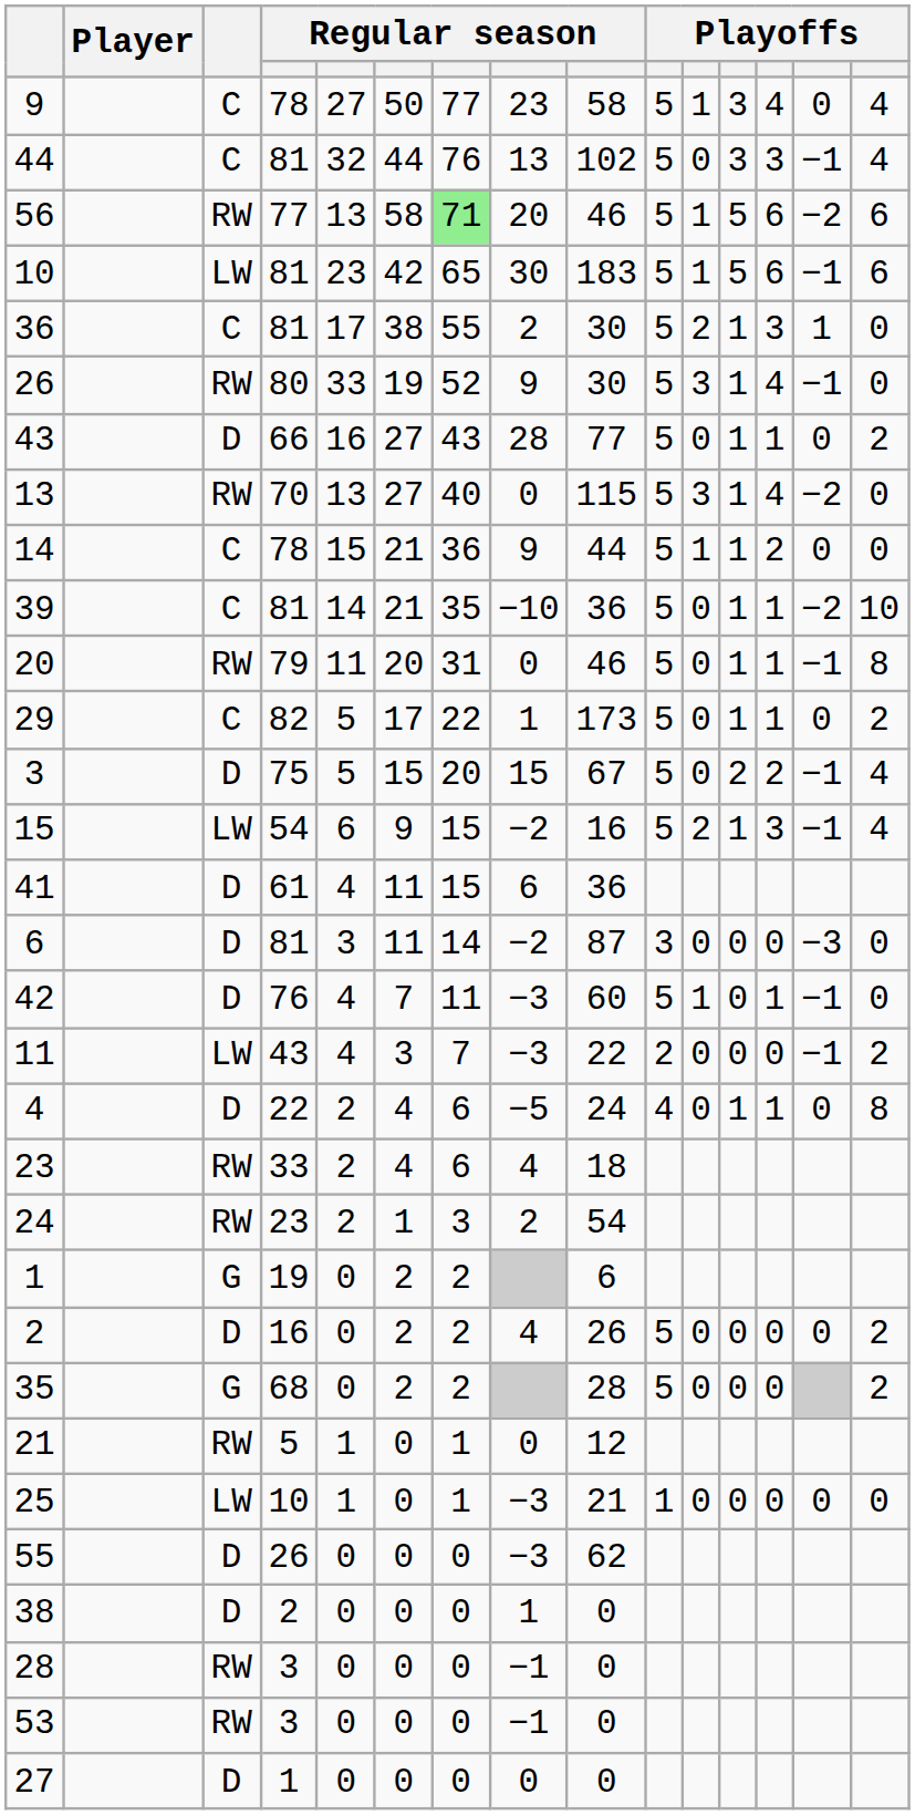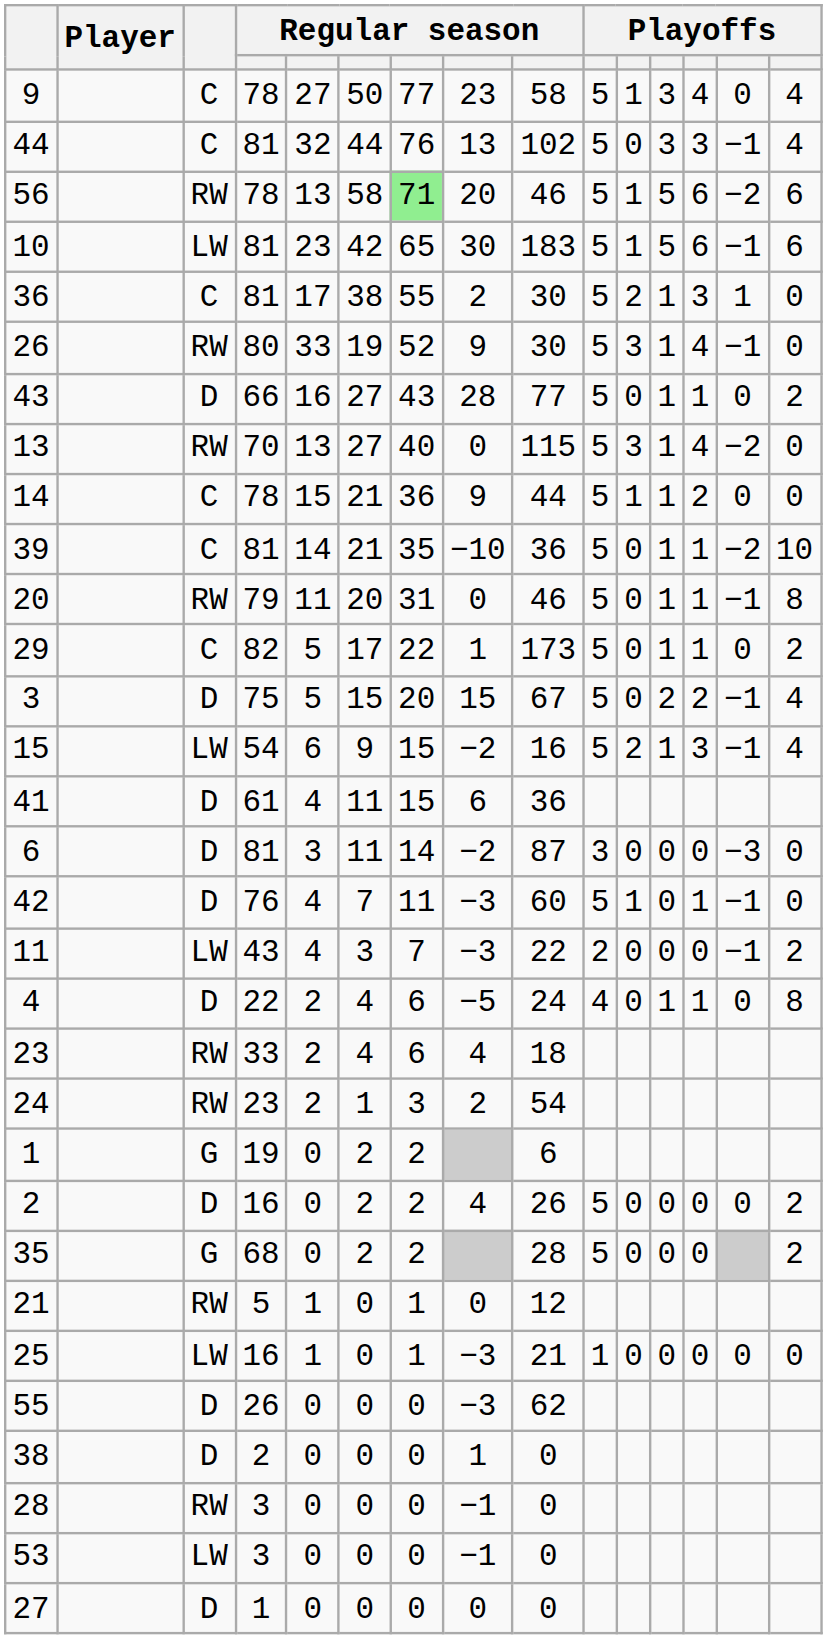 <table class="wikitable sortable plainrowheaders" style="text-align:center;">
 <tr>
 <th scope="col" data-sort-type="number" rowspan="2"></th>
 <th scope="col" rowspan="2">Player</th>
 <th scope="col" rowspan="2"></th>
 <th scope=colgroup colspan=6>Regular season</th>
 <th scope=colgroup colspan=6>Playoffs</th>
 </tr>
 <tr>
 <th scope="col" data-sort-type="number"></th>
 <th scope="col" data-sort-type="number"></th>
 <th scope="col" data-sort-type="number"></th>
 <th scope="col" data-sort-type="number"></th>
 <th scope="col" data-sort-type="number"></th>
 <th scope="col" data-sort-type="number"></th>
 <th scope="col" data-sort-type="number"></th>
 <th scope="col" data-sort-type="number"></th>
 <th scope="col" data-sort-type="number"></th>
 <th scope="col" data-sort-type="number"></th>
 <th scope="col" data-sort-type="number"></th>
 <th scope="col" data-sort-type="number"></th>
 </tr>
 <tr>
 <td scope="row">9</td>
 <td align="left"></td>
 <td>C</td>
 <td>78</td>
 <td>27</td>
 <td>50</td>
 <td>77</td>
 <td>23</td>
 <td>58</td>
 <td>5</td>
 <td>1</td>
 <td>3</td>
 <td>4</td>
 <td>0</td>
 <td>4</td>
 </tr>
 <tr>
 <td scope="row">44</td>
 <td align="left"></td>
 <td>C</td>
 <td>81</td>
 <td>32</td>
 <td>44</td>
 <td>76</td>
 <td>13</td>
 <td>102</td>
 <td>5</td>
 <td>0</td>
 <td>3</td>
 <td>3</td>
 <td>−1</td>
 <td>4</td>
 </tr>
 <tr>
 <td scope="row">56</td>
 <td align="left"></td>
 <td>RW</td>
-<td>77</td>
+<td>78</td>
 <td>13</td>
 <td>58</td>
 <td style="background: lightgreen;">71</td>
 <td>20</td>
 <td>46</td>
 <td>5</td>
 <td>1</td>
 <td>5</td>
 <td>6</td>
 <td>−2</td>
 <td>6</td>
 </tr>
 <tr>
 <td scope="row">10</td>
 <td align="left"></td>
 <td>LW</td>
 <td>81</td>
 <td>23</td>
 <td>42</td>
 <td>65</td>
 <td>30</td>
 <td>183</td>
 <td>5</td>
 <td>1</td>
 <td>5</td>
 <td>6</td>
 <td>−1</td>
 <td>6</td>
 </tr>
 <tr>
 <td scope="row">36</td>
 <td align="left"></td>
 <td>C</td>
 <td>81</td>
 <td>17</td>
 <td>38</td>
 <td>55</td>
 <td>2</td>
 <td>30</td>
 <td>5</td>
 <td>2</td>
 <td>1</td>
 <td>3</td>
 <td>1</td>
 <td>0</td>
 </tr>
 <tr>
 <td scope="row">26</td>
 <td align="left"></td>
 <td>RW</td>
 <td>80</td>
 <td>33</td>
 <td>19</td>
 <td>52</td>
 <td>9</td>
 <td>30</td>
 <td>5</td>
 <td>3</td>
 <td>1</td>
 <td>4</td>
 <td>−1</td>
 <td>0</td>
 </tr>
 <tr>
 <td scope="row">43</td>
 <td align="left"></td>
 <td>D</td>
 <td>66</td>
 <td>16</td>
 <td>27</td>
 <td>43</td>
 <td>28</td>
 <td>77</td>
 <td>5</td>
 <td>0</td>
 <td>1</td>
 <td>1</td>
 <td>0</td>
 <td>2</td>
 </tr>
 <tr>
 <td scope="row">13</td>
 <td align="left"></td>
 <td>RW</td>
 <td>70</td>
 <td>13</td>
 <td>27</td>
 <td>40</td>
 <td>0</td>
 <td>115</td>
 <td>5</td>
 <td>3</td>
 <td>1</td>
 <td>4</td>
 <td>−2</td>
 <td>0</td>
 </tr>
 <tr>
 <td scope="row">14</td>
 <td align="left"></td>
 <td>C</td>
 <td>78</td>
 <td>15</td>
 <td>21</td>
 <td>36</td>
 <td>9</td>
 <td>44</td>
 <td>5</td>
 <td>1</td>
 <td>1</td>
 <td>2</td>
 <td>0</td>
 <td>0</td>
 </tr>
 <tr>
 <td scope="row">39</td>
 <td align="left"></td>
 <td>C</td>
 <td>81</td>
 <td>14</td>
 <td>21</td>
 <td>35</td>
 <td>−10</td>
 <td>36</td>
 <td>5</td>
 <td>0</td>
 <td>1</td>
 <td>1</td>
 <td>−2</td>
 <td>10</td>
 </tr>
 <tr>
 <td scope="row">20</td>
 <td align="left"></td>
 <td>RW</td>
 <td>79</td>
 <td>11</td>
 <td>20</td>
 <td>31</td>
 <td>0</td>
 <td>46</td>
 <td>5</td>
 <td>0</td>
 <td>1</td>
 <td>1</td>
 <td>−1</td>
 <td>8</td>
 </tr>
 <tr>
 <td scope="row">29</td>
 <td align="left"></td>
 <td>C</td>
 <td>82</td>
 <td>5</td>
 <td>17</td>
 <td>22</td>
 <td>1</td>
 <td>173</td>
 <td>5</td>
 <td>0</td>
 <td>1</td>
 <td>1</td>
 <td>0</td>
 <td>2</td>
 </tr>
 <tr>
 <td scope="row">3</td>
 <td align="left"></td>
 <td>D</td>
 <td>75</td>
 <td>5</td>
 <td>15</td>
 <td>20</td>
 <td>15</td>
 <td>67</td>
 <td>5</td>
 <td>0</td>
 <td>2</td>
 <td>2</td>
 <td>−1</td>
 <td>4</td>
 </tr>
 <tr>
 <td scope="row">15</td>
 <td align="left"></td>
 <td>LW</td>
 <td>54</td>
 <td>6</td>
 <td>9</td>
 <td>15</td>
 <td>−2</td>
 <td>16</td>
 <td>5</td>
 <td>2</td>
 <td>1</td>
 <td>3</td>
 <td>−1</td>
 <td>4</td>
 </tr>
 <tr>
 <td scope="row">41</td>
 <td align="left"></td>
 <td>D</td>
 <td>61</td>
 <td>4</td>
 <td>11</td>
 <td>15</td>
 <td>6</td>
 <td>36</td>
 <td></td>
 <td></td>
 <td></td>
 <td></td>
 <td></td>
 <td></td>
 </tr>
 <tr>
 <td scope="row">6</td>
 <td align="left"></td>
 <td>D</td>
 <td>81</td>
 <td>3</td>
 <td>11</td>
 <td>14</td>
 <td>−2</td>
 <td>87</td>
 <td>3</td>
 <td>0</td>
 <td>0</td>
 <td>0</td>
 <td>−3</td>
 <td>0</td>
 </tr>
 <tr>
 <td scope="row">42</td>
 <td align="left"></td>
 <td>D</td>
 <td>76</td>
 <td>4</td>
 <td>7</td>
 <td>11</td>
 <td>−3</td>
 <td>60</td>
 <td>5</td>
 <td>1</td>
 <td>0</td>
 <td>1</td>
 <td>−1</td>
 <td>0</td>
 </tr>
 <tr>
 <td scope="row">11</td>
 <td align="left"></td>
 <td>LW</td>
 <td>43</td>
 <td>4</td>
 <td>3</td>
 <td>7</td>
 <td>−3</td>
 <td>22</td>
 <td>2</td>
 <td>0</td>
 <td>0</td>
 <td>0</td>
 <td>−1</td>
 <td>2</td>
 </tr>
 <tr>
 <td scope="row">4</td>
 <td align="left"></td>
 <td>D</td>
 <td>22</td>
 <td>2</td>
 <td>4</td>
 <td>6</td>
 <td>−5</td>
 <td>24</td>
 <td>4</td>
 <td>0</td>
 <td>1</td>
 <td>1</td>
 <td>0</td>
 <td>8</td>
 </tr>
 <tr>
 <td scope="row">23</td>
 <td align="left"></td>
 <td>RW</td>
 <td>33</td>
 <td>2</td>
 <td>4</td>
 <td>6</td>
 <td>4</td>
 <td>18</td>
 <td></td>
 <td></td>
 <td></td>
 <td></td>
 <td></td>
 <td></td>
 </tr>
 <tr>
 <td scope="row">24</td>
 <td align="left"></td>
 <td>RW</td>
 <td>23</td>
 <td>2</td>
 <td>1</td>
 <td>3</td>
 <td>2</td>
 <td>54</td>
 <td></td>
 <td></td>
 <td></td>
 <td></td>
 <td></td>
 <td></td>
 </tr>
 <tr>
 <td scope="row">1</td>
 <td align="left"></td>
 <td>G</td>
 <td>19</td>
 <td>0</td>
 <td>2</td>
 <td>2</td>
 <td style="background:#ccc"></td>
 <td>6</td>
 <td></td>
 <td></td>
 <td></td>
 <td></td>
 <td></td>
 <td></td>
 </tr>
 <tr>
 <td scope="row">2</td>
 <td align="left"></td>
 <td>D</td>
 <td>16</td>
 <td>0</td>
 <td>2</td>
 <td>2</td>
 <td>4</td>
 <td>26</td>
 <td>5</td>
 <td>0</td>
 <td>0</td>
 <td>0</td>
 <td>0</td>
 <td>2</td>
 </tr>
 <tr>
 <td scope="row">35</td>
 <td align="left"></td>
 <td>G</td>
 <td>68</td>
 <td>0</td>
 <td>2</td>
 <td>2</td>
 <td style="background:#ccc"></td>
 <td>28</td>
 <td>5</td>
 <td>0</td>
 <td>0</td>
 <td>0</td>
 <td style="background:#ccc"></td>
 <td>2</td>
 </tr>
 <tr>
 <td scope="row">21</td>
 <td align="left"></td>
 <td>RW</td>
 <td>5</td>
 <td>1</td>
 <td>0</td>
 <td>1</td>
 <td>0</td>
 <td>12</td>
 <td></td>
 <td></td>
 <td></td>
 <td></td>
 <td></td>
 <td></td>
 </tr>
 <tr>
 <td scope="row">25</td>
 <td align="left"></td>
 <td>LW</td>
-<td>10</td>
+<td>16</td>
 <td>1</td>
 <td>0</td>
 <td>1</td>
 <td>−3</td>
 <td>21</td>
 <td>1</td>
 <td>0</td>
 <td>0</td>
 <td>0</td>
 <td>0</td>
 <td>0</td>
 </tr>
 <tr>
 <td scope="row">55</td>
 <td align="left"></td>
 <td>D</td>
 <td>26</td>
 <td>0</td>
 <td>0</td>
 <td>0</td>
 <td>−3</td>
 <td>62</td>
 <td></td>
 <td></td>
 <td></td>
 <td></td>
 <td></td>
 <td></td>
 </tr>
 <tr>
 <td scope="row">38</td>
 <td align="left"></td>
 <td>D</td>
 <td>2</td>
 <td>0</td>
 <td>0</td>
 <td>0</td>
 <td>1</td>
 <td>0</td>
 <td></td>
 <td></td>
 <td></td>
 <td></td>
 <td></td>
 <td></td>
 </tr>
 <tr>
 <td scope="row">28</td>
 <td align="left"></td>
 <td>RW</td>
 <td>3</td>
 <td>0</td>
 <td>0</td>
 <td>0</td>
 <td>−1</td>
 <td>0</td>
 <td></td>
 <td></td>
 <td></td>
 <td></td>
 <td></td>
 <td></td>
 </tr>
 <tr>
 <td scope="row">53</td>
 <td align="left"></td>
-<td>RW</td>
+<td>LW</td>
 <td>3</td>
 <td>0</td>
 <td>0</td>
 <td>0</td>
 <td>−1</td>
 <td>0</td>
 <td></td>
 <td></td>
 <td></td>
 <td></td>
 <td></td>
 <td></td>
 </tr>
 <tr>
 <td scope="row">27</td>
 <td align="left"></td>
 <td>D</td>
 <td>1</td>
 <td>0</td>
 <td>0</td>
 <td>0</td>
 <td>0</td>
 <td>0</td>
 <td></td>
 <td></td>
 <td></td>
 <td></td>
 <td></td>
 <td></td>
 </tr>
 </table>
